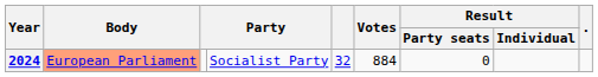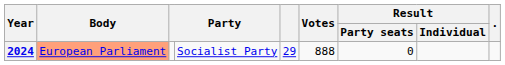 <table class="wikitable plainrowheaders sortable" border=2 cellpadding=4 cellspacing=0 style="border: 1px #aaa solid; font-size: 90%; text-align:center;">
 <tr>
 <th scope="col" rowspan=2>Year</th>
 <th scope="col" rowspan=2>Body</th>
 <th scope="col" colspan=2 rowspan=2>Party</th>
 <th scope="col" rowspan=2></th>
 <th scope="col" rowspan=2>Votes</th>
 <th scope="colgroup" colspan=2>Result</th>
 <th scope="col" rowspan=2>.</th>
 </tr>
 <tr>
 <th scope="col">Party seats</th>
 <th scope="col">Individual</th>
 </tr>
 <tr>
 <th scope="row"><a href='#'>2024</a></th>
 <td style="background: lightsalmon;"><a href='#'>European Parliament</a></td>
 <td style="background-color:"></td>
 <td><a href='#'>Socialist Party</a></td>
-<td style=text-align:right><a href='#'>32</a></td>
-<td style=text-align:right>884</td>
+<td style=text-align:right><a href='#'>29</a></td>
+<td style=text-align:right>888</td>
 <td style=text-align:right>0</td>
 <td></td>
 <td></td>
 </tr>
 </table>
